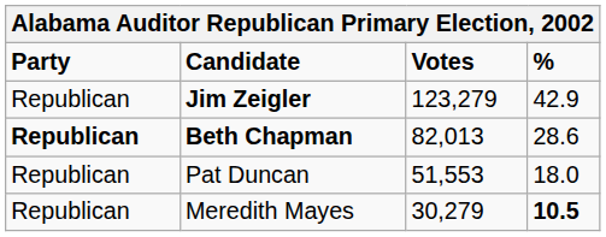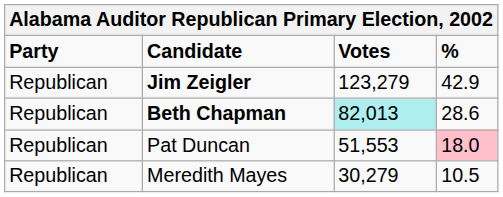 <table class="wikitable">
 <tr>
 <th colspan="4">Alabama Auditor Republican Primary Election, 2002</th>
 </tr>
 <tr>
 <td><strong>Party</strong></td>
 <td><strong>Candidate</strong></td>
 <td><strong>Votes</strong></td>
 <td><strong>%</strong></td>
 </tr>
 <tr>
 <td>Republican</td>
 <td><strong>Jim Zeigler</strong></td>
 <td>123,279</td>
 <td>42.9</td>
 </tr>
 <tr>
-<td><strong>Republican</strong></td>
+<td>Republican</td>
 <td><strong>Beth Chapman</strong></td>
-<td>82,013</td>
+<td style="background: paleturquoise;">82,013</td>
 <td>28.6</td>
 </tr>
 <tr>
 <td>Republican</td>
 <td>Pat Duncan</td>
 <td>51,553</td>
-<td>18.0</td>
+<td style="background: pink;">18.0</td>
 </tr>
 <tr>
 <td>Republican</td>
 <td>Meredith Mayes</td>
 <td>30,279</td>
-<td><strong>10.5</strong></td>
+<td>10.5</td>
 </tr>
 </table>
